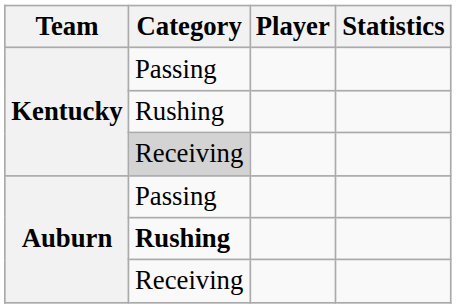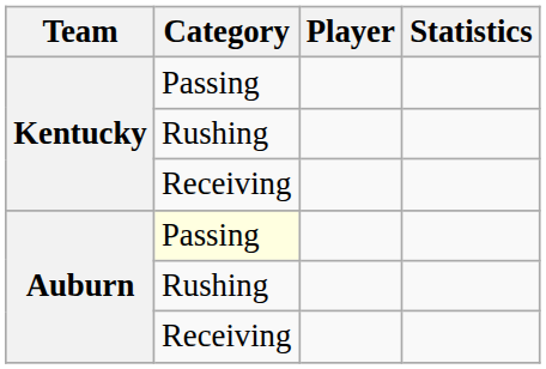 <table class="wikitable" style="float:right">
 <tr>
 <th>Team</th>
 <th>Category</th>
 <th>Player</th>
 <th>Statistics</th>
 </tr>
 <tr>
 <th rowspan=3>Kentucky</th>
 <td>Passing</td>
 <td></td>
 <td></td>
 </tr>
 <tr>
 <td>Rushing</td>
 <td></td>
 <td></td>
 </tr>
 <tr>
-<td style="background: lightgrey;">Receiving</td>
+<td>Receiving</td>
 <td></td>
 <td></td>
 </tr>
 <tr>
 <th rowspan=3>Auburn</th>
-<td>Passing</td>
+<td style="background: lightyellow;">Passing</td>
 <td></td>
 <td></td>
 </tr>
 <tr>
-<td><strong>Rushing</strong></td>
+<td>Rushing</td>
 <td></td>
 <td></td>
 </tr>
 <tr>
 <td>Receiving</td>
 <td></td>
 <td></td>
 </tr>
 </table>
